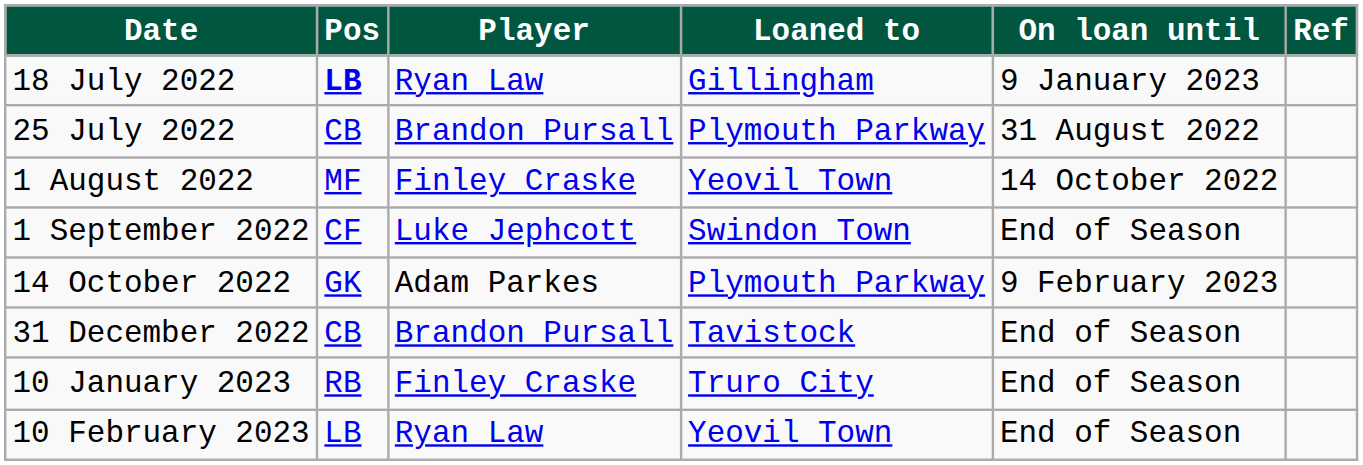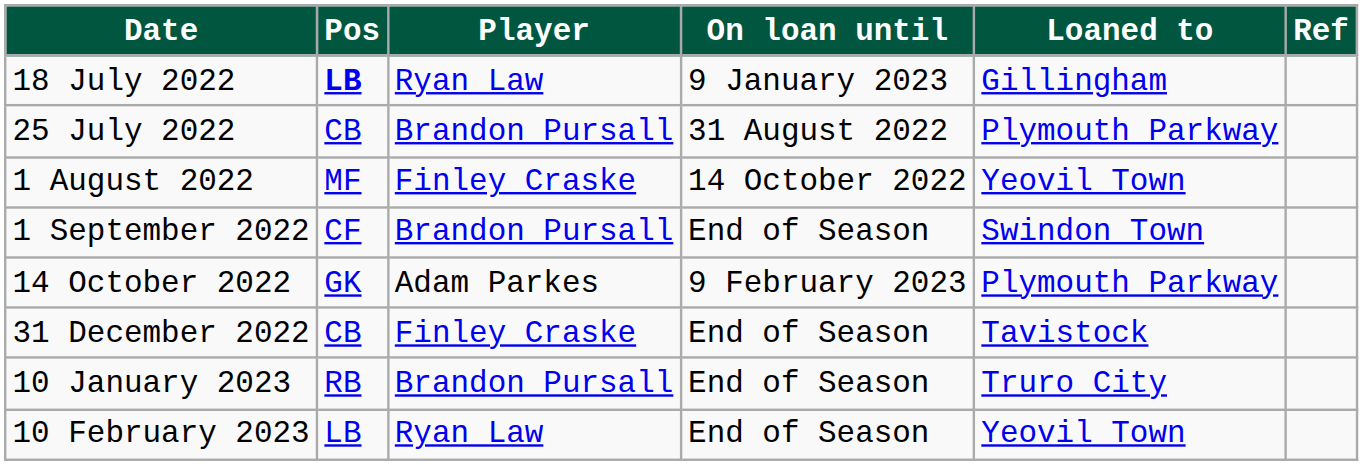 <table class="wikitable plainrowheaders sortable">
 <tr>
 <th style="background:#00563F; color:#ffffff; ">Date</th>
 <th style="background:#00563F; color:#ffffff; ">Pos</th>
 <th style="background:#00563F; color:#ffffff; ">Player</th>
+<th style="background:#00563F; color:#ffffff; ">On loan until</th>
 <th style="background:#00563F; color:#ffffff; ">Loaned to</th>
-<th style="background:#00563F; color:#ffffff; ">On loan until</th>
 <th style="background:#00563F; color:#ffffff; ">Ref</th>
 </tr>
 <tr>
 <td>18 July 2022</td>
 <td><strong><a href='#'>LB</a></strong></td>
 <td> <a href='#'>Ryan Law</a></td>
+<td>9 January 2023</td>
 <td> <a href='#'>Gillingham</a></td>
-<td>9 January 2023</td>
 <td></td>
 </tr>
 <tr>
 <td>25 July 2022</td>
 <td><a href='#'>CB</a></td>
 <td> <a href='#'>Brandon Pursall</a></td>
+<td>31 August 2022</td>
 <td> <a href='#'>Plymouth Parkway</a></td>
-<td>31 August 2022</td>
 <td></td>
 </tr>
 <tr>
 <td>1 August 2022</td>
 <td><a href='#'>MF</a></td>
 <td> <a href='#'>Finley Craske</a></td>
+<td>14 October 2022</td>
 <td> <a href='#'>Yeovil Town</a></td>
-<td>14 October 2022</td>
 <td></td>
 </tr>
 <tr>
 <td>1 September 2022</td>
 <td><a href='#'>CF</a></td>
-<td> <a href='#'>Luke Jephcott</a></td>
+<td> <a href='#'>Brandon Pursall</a></td>
+<td>End of Season</td>
 <td> <a href='#'>Swindon Town</a></td>
-<td>End of Season</td>
 <td></td>
 </tr>
 <tr>
 <td>14 October 2022</td>
 <td><a href='#'>GK</a></td>
 <td> Adam Parkes</td>
+<td>9 February 2023</td>
 <td> <a href='#'>Plymouth Parkway</a></td>
-<td>9 February 2023</td>
 <td></td>
 </tr>
 <tr>
 <td>31 December 2022</td>
 <td><a href='#'>CB</a></td>
-<td> <a href='#'>Brandon Pursall</a></td>
+<td> <a href='#'>Finley Craske</a></td>
+<td>End of Season</td>
 <td> <a href='#'>Tavistock</a></td>
-<td>End of Season</td>
 <td></td>
 </tr>
 <tr>
 <td>10 January 2023</td>
 <td><a href='#'>RB</a></td>
-<td> <a href='#'>Finley Craske</a></td>
+<td> <a href='#'>Brandon Pursall</a></td>
+<td>End of Season</td>
 <td> <a href='#'>Truro City</a></td>
-<td>End of Season</td>
 <td></td>
 </tr>
 <tr>
 <td>10 February 2023</td>
 <td><a href='#'>LB</a></td>
 <td> <a href='#'>Ryan Law</a></td>
+<td>End of Season</td>
 <td> <a href='#'>Yeovil Town</a></td>
-<td>End of Season</td>
 <td></td>
 </tr>
 </table>
